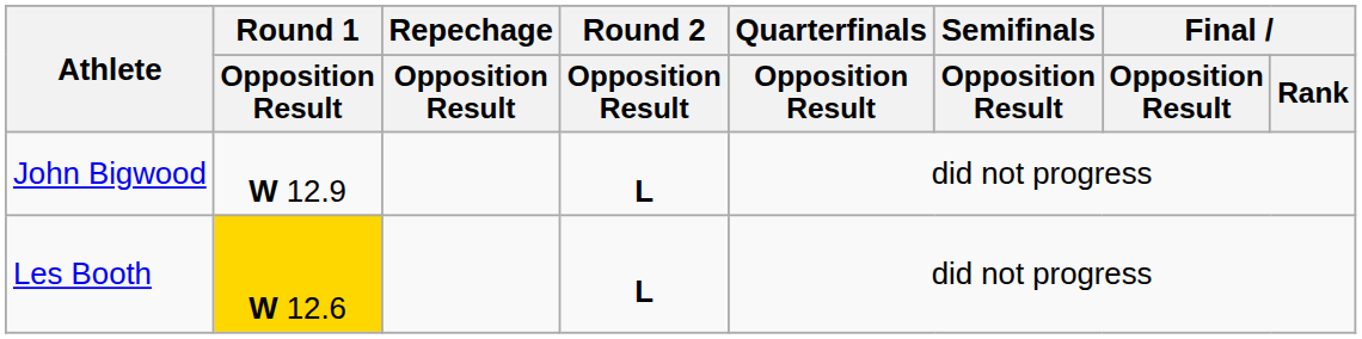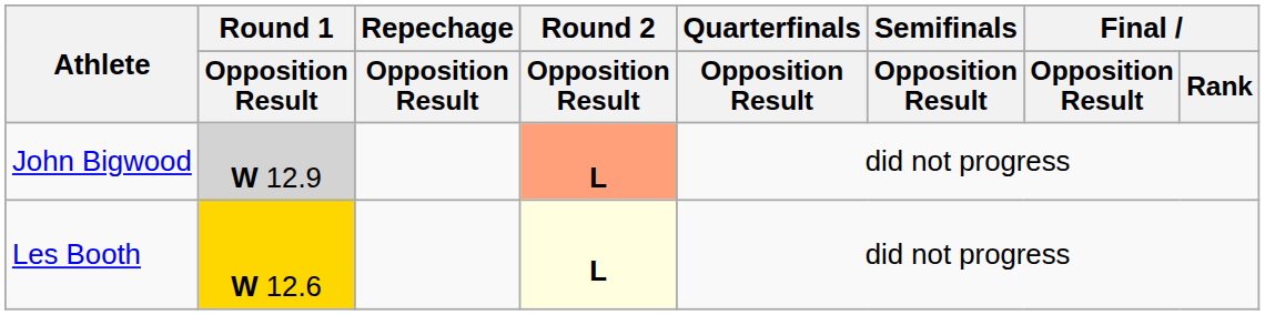 <table class="wikitable" style="font-size:90%;text-align:center;">
 <tr>
 <th rowspan=2>Athlete</th>
 <th>Round 1</th>
 <th>Repechage</th>
 <th>Round 2</th>
 <th>Quarterfinals</th>
 <th>Semifinals</th>
 <th colspan=2>Final / </th>
 </tr>
 <tr style="font-size:95%">
 <th>Opposition<br>Result</th>
 <th>Opposition<br>Result</th>
 <th>Opposition<br>Result</th>
 <th>Opposition<br>Result</th>
 <th>Opposition<br>Result</th>
 <th>Opposition<br>Result</th>
 <th>Rank</th>
 </tr>
 <tr>
 <td style="text-align:left;"><a href='#'>John Bigwood</a></td>
-<td><br><strong>W</strong> 12.9</td>
+<td style="background: lightgrey;"><br><strong>W</strong> 12.9</td>
 <td></td>
-<td><br><strong>L</strong></td>
+<td style="background: lightsalmon;"><br><strong>L</strong></td>
 <td colspan=4>did not progress</td>
 </tr>
 <tr>
 <td style="text-align:left;"><a href='#'>Les Booth</a></td>
 <td style="background: gold;"><br><br><strong>W</strong> 12.6</td>
 <td></td>
-<td><br><strong>L</strong></td>
+<td style="background: lightyellow;"><br><strong>L</strong></td>
 <td colspan=4>did not progress</td>
 </tr>
 </table>
